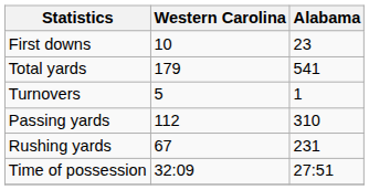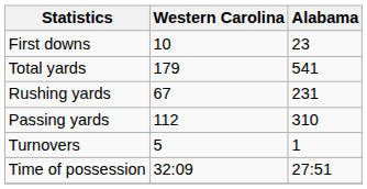 <table class="wikitable" style="float: left;">
 <tr>
 <th>Statistics</th>
 <th>Western Carolina</th>
 <th>Alabama</th>
 </tr>
 <tr>
 <td>First downs</td>
 <td>10</td>
 <td>23</td>
 </tr>
 <tr>
 <td>Total yards</td>
 <td>179</td>
 <td>541</td>
 </tr>
 <tr>
-<td>Turnovers</td>
-<td>5</td>
-<td>1</td>
+<td>Rushing yards</td>
+<td>67</td>
+<td>231</td>
 </tr>
 <tr>
 <td>Passing yards</td>
 <td>112</td>
 <td>310</td>
 </tr>
 <tr>
-<td>Rushing yards</td>
-<td>67</td>
-<td>231</td>
+<td>Turnovers</td>
+<td>5</td>
+<td>1</td>
 </tr>
 <tr>
 <td>Time of possession</td>
 <td>32:09</td>
 <td>27:51</td>
 </tr>
 <tr>
 </tr>
 </table>
